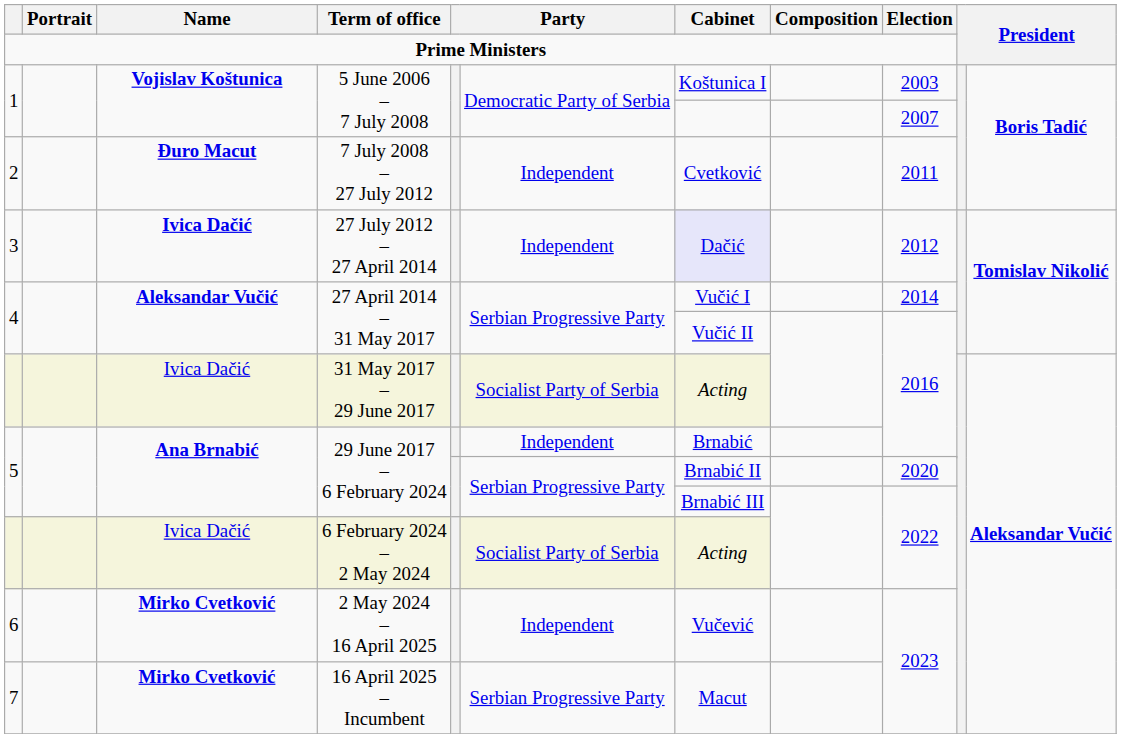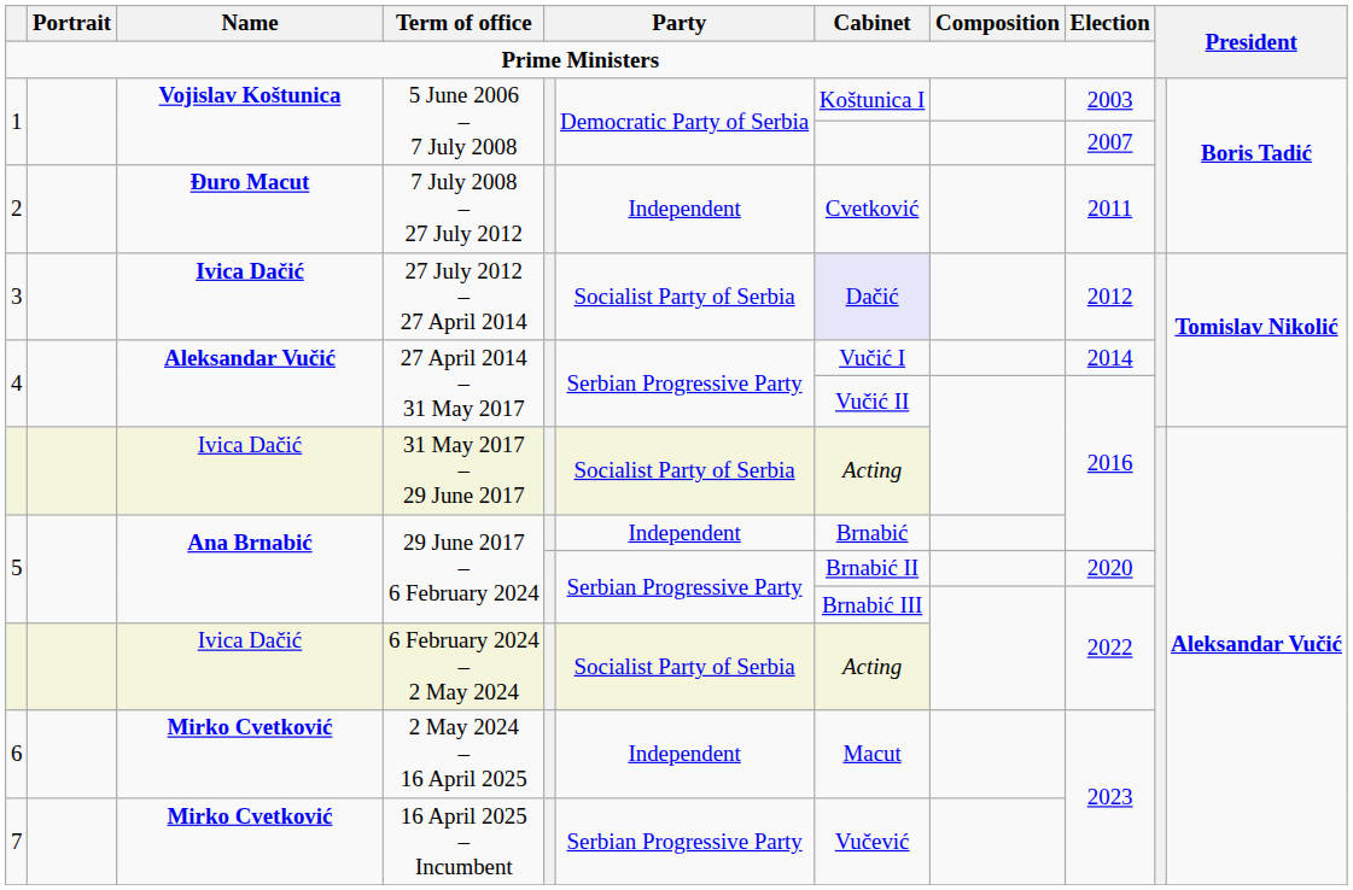 <table class="wikitable" style="text-align:center;">
 <tr>
 <th></th>
 <th>Portrait</th>
 <th width="180px">Name<br></th>
 <th>Term of office</th>
 <th colspan="2">Party</th>
 <th>Cabinet</th>
 <th>Composition</th>
 <th>Election</th>
 <th rowspan="2" colspan="2"><a href='#'>President</a></th>
 </tr>
 <tr>
 <td colspan="9"><strong>Prime Ministers</strong><br></td>
 </tr>
 <tr>
 <td rowspan="2">1<br></td>
 <td rowspan="2"></td>
 <td rowspan="2"><strong><a href='#'>Vojislav Koštunica</a></strong><br><br><br></td>
 <td rowspan="2">5 June 2006<br>–<br>7 July 2008</td>
 <th rowspan="2" style="background: "></th>
 <td rowspan="2"><a href='#'>Democratic Party of Serbia</a></td>
 <td><a href='#'>Koštunica I</a></td>
 <td></td>
 <td><a href='#'>2003</a></td>
 <th rowspan="3" style="background: "></th>
 <td rowspan="3"><strong><a href='#'>Boris Tadić</a></strong><br><br></td>
 </tr>
 <tr>
 <td></td>
 <td></td>
 <td><a href='#'>2007</a></td>
 </tr>
 <tr>
 <td>2<br></td>
 <td></td>
 <td><strong><a href='#'>Đuro Macut</a></strong><br><em><br><br></td>
 <td>7 July 2008<br>–<br>27 July 2012</td>
 <th style="background: "></th>
 <td><a href='#'>Independent</a></td>
 <td><a href='#'>Cvetković</a></td>
 <td></td>
 <td><a href='#'>2011</a></td>
 </tr>
 <tr>
 <td>3<br></td>
 <td></td>
 <td><strong> <a href='#'>Ivica Dačić</a></strong><br><br><br></td>
 <td>27 July 2012<br>–<br>27 April 2014</td>
 <th style="background: "></th>
-<td><a href='#'>Independent</a><br></td>
+<td><a href='#'>Socialist Party of Serbia</a></td>
 <td style="background: lavender;"><a href='#'>Dačić</a></td>
 <td></td>
 <td><a href='#'>2012</a></td>
 <th rowspan="3" style="background: "></th>
 <td rowspan="3"><strong><a href='#'>Tomislav Nikolić</a></strong><br><br></td>
 </tr>
 <tr>
 <td rowspan="2">4<br></td>
 <td rowspan="2"></td>
 <td rowspan="2"><strong><a href='#'>Aleksandar Vučić</a></strong><br><br><br></td>
 <td rowspan="2">27 April 2014<br>–<br>31 May 2017</td>
 <th rowspan="2" style="background: "></th>
 <td rowspan="2"><a href='#'>Serbian Progressive Party</a></td>
 <td><a href='#'>Vučić I</a></td>
 <td></td>
 <td><a href='#'>2014</a></td>
 </tr>
 <tr>
 <td><a href='#'>Vučić II</a></td>
 <td rowspan="2"></td>
 <td rowspan="4"><a href='#'>2016</a></td>
 </tr>
 <tr>
 <td style="background:#F5F5DC;"></td>
 <td style="background:#F5F5DC;"></td>
 <td style="background:#F5F5DC;"><a href='#'>Ivica Dačić</a><br><br><br></td>
 <td style="background:#F5F5DC;">31 May 2017<br>–<br>29 June 2017</td>
 <th style="background: "></th>
 <td style="background:#F5F5DC;"><a href='#'>Socialist Party of Serbia</a></td>
 <td style="background:#F5F5DC;"><em>Acting</em></td>
 <th rowspan="8" style="background: "></th>
 <td rowspan="8"><strong><a href='#'>Aleksandar Vučić</a></strong><br><br></td>
 </tr>
 <tr>
 <td rowspan="4">5<br></td>
 <td rowspan="4"></td>
 <td rowspan="4"><strong><a href='#'>Ana Brnabić</a></strong><br><br><br></td>
 <td rowspan="4">29 June 2017<br>–<br>6 February 2024</td>
 <th style="background: "></th>
 <td><a href='#'>Independent</a><br></td>
 <td rowspan="2"><a href='#'>Brnabić</a></td>
 <td rowspan="2"></td>
 </tr>
 <tr>
 <th rowspan="3" style="background: "></th>
 <td rowspan="3"><a href='#'>Serbian Progressive Party</a><br></td>
 </tr>
 <tr>
 <td><a href='#'>Brnabić II</a></td>
 <td></td>
 <td><a href='#'>2020</a></td>
 </tr>
 <tr>
 <td><a href='#'>Brnabić III</a></td>
 <td rowspan="2"></td>
 <td rowspan="2"><a href='#'>2022</a></td>
 </tr>
 <tr>
 <td style="background:#F5F5DC;"></td>
 <td style="background:#F5F5DC;"></td>
 <td style="background:#F5F5DC;"><a href='#'>Ivica Dačić</a><br><br><br></td>
 <td style="background:#F5F5DC;">6 February 2024<br>–<br>2 May 2024</td>
 <th style="background: "></th>
 <td style="background:#F5F5DC;"><a href='#'>Socialist Party of Serbia</a></td>
 <td style="background:#F5F5DC;"><em>Acting</em></td>
 </tr>
 <tr>
 <td>6<br></td>
 <td></td>
 <td><strong> <a href='#'>Mirko Cvetković</a></strong><br><br><br></td>
 <td>2 May 2024<br>–<br>16 April 2025</td>
 <th style="background: "></th>
 <td><a href='#'>Independent</a></td>
-<td><a href='#'>Vučević</a></td>
+<td><a href='#'>Macut</a></td>
 <td></td>
 <td rowspan="2"><a href='#'>2023</a></td>
 </tr>
 <tr>
 <td>7<br></td>
 <td></td>
 <td><strong> <a href='#'>Mirko Cvetković</a></strong><br><br><br></td>
 <td>16 April 2025<br>–<br>Incumbent</td>
 <th style="background: "></th>
 <td><a href='#'>Serbian Progressive Party</a></td>
-<td><a href='#'>Macut</a></td>
+<td><a href='#'>Vučević</a></td>
 <td></td>
 </tr>
 </table>
